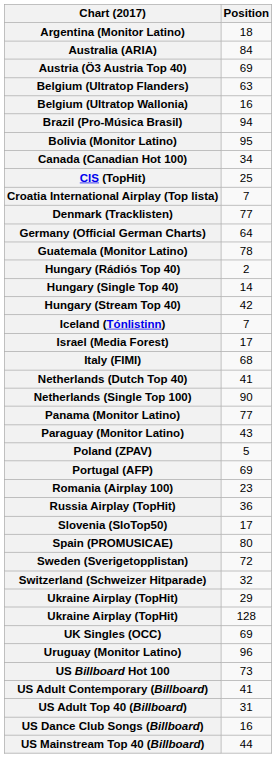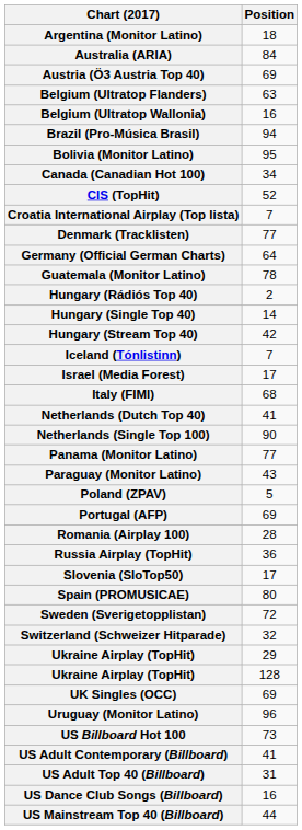 <table class="wikitable plainrowheaders sortable" style="text-align:center">
 <tr>
 <th scope="col">Chart (2017)</th>
 <th scope="col">Position</th>
 </tr>
 <tr>
 <th scope="row">Argentina (Monitor Latino)</th>
 <td>18</td>
 </tr>
 <tr>
 <th scope="row">Australia (ARIA)</th>
 <td>84</td>
 </tr>
 <tr>
 <th scope="row">Austria (Ö3 Austria Top 40)</th>
 <td>69</td>
 </tr>
 <tr>
 <th scope="row">Belgium (Ultratop Flanders)</th>
 <td>63</td>
 </tr>
 <tr>
 <th scope="row">Belgium (Ultratop Wallonia)</th>
 <td>16</td>
 </tr>
 <tr>
 <th scope="row">Brazil (Pro-Música Brasil)</th>
 <td>94</td>
 </tr>
 <tr>
 <th scope="row">Bolivia (Monitor Latino)</th>
 <td>95</td>
 </tr>
 <tr>
 <th scope="row">Canada (Canadian Hot 100)</th>
 <td>34</td>
 </tr>
 <tr>
 <th scope="row"><a href='#'>CIS</a> (TopHit)</th>
-<td>25</td>
+<td>52</td>
 </tr>
 <tr>
 <th scope="row">Croatia International Airplay (Top lista)</th>
 <td>7</td>
 </tr>
 <tr>
 <th scope="row">Denmark (Tracklisten)</th>
 <td>77</td>
 </tr>
 <tr>
 <th scope="row">Germany (Official German Charts)</th>
 <td>64</td>
 </tr>
 <tr>
 <th scope="row">Guatemala (Monitor Latino)</th>
 <td>78</td>
 </tr>
 <tr>
 <th scope="row">Hungary (Rádiós Top 40)</th>
 <td>2</td>
 </tr>
 <tr>
 <th scope="row">Hungary (Single Top 40)</th>
 <td>14</td>
 </tr>
 <tr>
 <th scope="row">Hungary (Stream Top 40)</th>
 <td>42</td>
 </tr>
 <tr>
 <th scope="row">Iceland (<a href='#'>Tónlistinn</a>)</th>
 <td>7</td>
 </tr>
 <tr>
 <th scope="row">Israel (Media Forest)</th>
 <td>17</td>
 </tr>
 <tr>
 <th scope="row">Italy (FIMI)</th>
 <td>68</td>
 </tr>
 <tr>
 <th scope="row">Netherlands (Dutch Top 40)</th>
 <td>41</td>
 </tr>
 <tr>
 <th scope="row">Netherlands (Single Top 100)</th>
 <td>90</td>
 </tr>
 <tr>
 <th scope="row">Panama (Monitor Latino)</th>
 <td>77</td>
 </tr>
 <tr>
 <th scope="row">Paraguay (Monitor Latino)</th>
 <td>43</td>
 </tr>
 <tr>
 <th scope="row">Poland (ZPAV)</th>
 <td>5</td>
 </tr>
 <tr>
 <th scope="row">Portugal (AFP)</th>
 <td>69</td>
 </tr>
 <tr>
 <th scope="row">Romania (Airplay 100)</th>
-<td>23</td>
+<td>28</td>
 </tr>
 <tr>
 <th scope="row">Russia Airplay (TopHit)</th>
 <td>36</td>
 </tr>
 <tr>
 <th scope="row">Slovenia (SloTop50)</th>
 <td>17</td>
 </tr>
 <tr>
 <th scope="row">Spain (PROMUSICAE)</th>
 <td>80</td>
 </tr>
 <tr>
 <th scope="row">Sweden (Sverigetopplistan)</th>
 <td>72</td>
 </tr>
 <tr>
 <th scope="row">Switzerland (Schweizer Hitparade)</th>
 <td>32</td>
 </tr>
 <tr>
 <th scope="row">Ukraine Airplay (TopHit)</th>
 <td>29</td>
 </tr>
 <tr>
 <th scope="row">Ukraine Airplay (TopHit)<br></th>
 <td>128</td>
 </tr>
 <tr>
 <th scope="row">UK Singles (OCC)</th>
 <td>69</td>
 </tr>
 <tr>
 <th scope="row">Uruguay (Monitor Latino)</th>
 <td>96</td>
 </tr>
 <tr>
 <th scope="row">US <em>Billboard</em> Hot 100</th>
 <td>73</td>
 </tr>
 <tr>
 <th scope="row">US Adult Contemporary (<em>Billboard</em>)</th>
 <td>41</td>
 </tr>
 <tr>
 <th scope="row">US Adult Top 40 (<em>Billboard</em>)</th>
 <td>31</td>
 </tr>
 <tr>
 <th scope="row">US Dance Club Songs (<em>Billboard</em>)</th>
 <td>16</td>
 </tr>
 <tr>
 <th scope="row">US Mainstream Top 40 (<em>Billboard</em>)</th>
 <td>44</td>
 </tr>
 </table>
